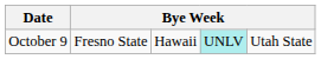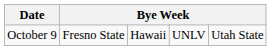 <table class="wikitable" style="font-size:95%">
 <tr>
 <th>Date</th>
 <th colspan="4">Bye Week</th>
 </tr>
 <tr>
 <td>October 9</td>
 <td>Fresno State</td>
 <td>Hawaii</td>
-<td style="background: paleturquoise;">UNLV</td>
+<td>UNLV</td>
 <td>Utah State</td>
 </tr>
 </table>
